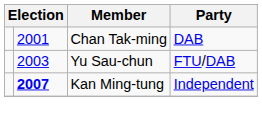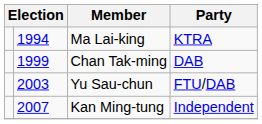 <table class="wikitable">
 <tr>
 <th colspan="2">Election</th>
 <th>Member</th>
 <th>Party</th>
 </tr>
 <tr>
 <td style="background-color:"></td>
-<td><a href='#'>2001</a></td>
+<td><a href='#'>1994</a></td>
+<td>Ma Lai-king</td>
+<td><a href='#'>KTRA</a></td>
+</tr>
+<tr>
+<td style="background-color:"></td>
+<td><a href='#'>1999</a></td>
 <td>Chan Tak-ming</td>
 <td><a href='#'>DAB</a></td>
 </tr>
 <tr>
 <td style="background-color:"></td>
 <td><a href='#'>2003</a></td>
 <td>Yu Sau-chun</td>
 <td><a href='#'>FTU</a>/<a href='#'>DAB</a></td>
 </tr>
 <tr>
 <td style="background-color:"></td>
-<td><strong><a href='#'>2007</a></strong></td>
+<td><a href='#'>2007</a></td>
 <td>Kan Ming-tung</td>
 <td><a href='#'>Independent</a></td>
 </tr>
 <tr>
 </tr>
 </table>
